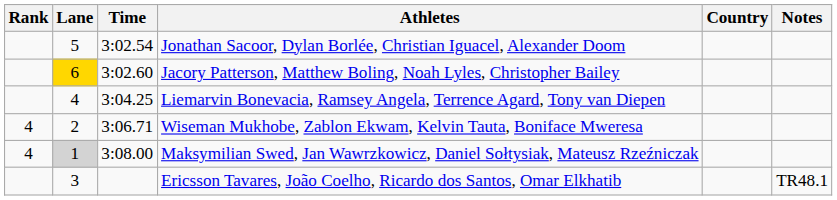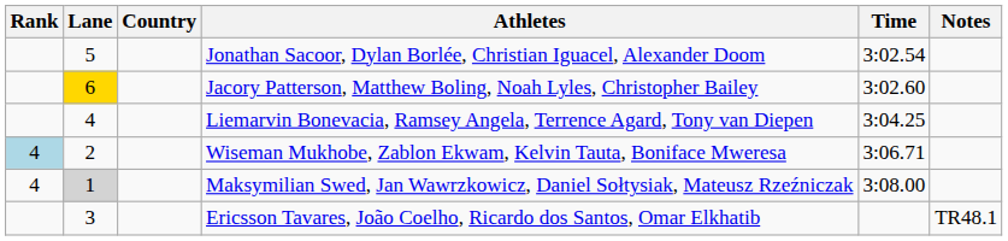 <table class="wikitable sortable" style="text-align:center">
 <tr>
 <th>Rank</th>
 <th>Lane</th>
+<th>Country</th>
+<th>Athletes</th>
 <th>Time</th>
-<th>Athletes</th>
-<th>Country</th>
 <th>Notes</th>
 </tr>
 <tr>
 <td></td>
 <td>5</td>
+<td align=left></td>
+<td align="left"><a href='#'>Jonathan Sacoor</a>, <a href='#'>Dylan Borlée</a>, <a href='#'>Christian Iguacel</a>, <a href='#'>Alexander Doom</a></td>
 <td>3:02.54</td>
-<td align="left"><a href='#'>Jonathan Sacoor</a>, <a href='#'>Dylan Borlée</a>, <a href='#'>Christian Iguacel</a>, <a href='#'>Alexander Doom</a></td>
-<td align=left></td>
 <td></td>
 </tr>
 <tr>
 <td></td>
 <td style="background: gold;">6</td>
+<td align=left></td>
+<td align="left"><a href='#'>Jacory Patterson</a>, <a href='#'>Matthew Boling</a>, <a href='#'>Noah Lyles</a>, <a href='#'>Christopher Bailey</a></td>
 <td>3:02.60</td>
-<td align="left"><a href='#'>Jacory Patterson</a>, <a href='#'>Matthew Boling</a>, <a href='#'>Noah Lyles</a>, <a href='#'>Christopher Bailey</a></td>
-<td align=left></td>
 <td></td>
 </tr>
 <tr>
 <td></td>
 <td>4</td>
+<td align="left"></td>
+<td align="left"><a href='#'>Liemarvin Bonevacia</a>, <a href='#'>Ramsey Angela</a>, <a href='#'>Terrence Agard</a>, <a href='#'>Tony van Diepen</a></td>
 <td>3:04.25</td>
-<td align="left"><a href='#'>Liemarvin Bonevacia</a>, <a href='#'>Ramsey Angela</a>, <a href='#'>Terrence Agard</a>, <a href='#'>Tony van Diepen</a></td>
-<td align="left"></td>
 <td></td>
 </tr>
 <tr>
-<td>4</td>
+<td style="background: lightblue;">4</td>
 <td>2</td>
+<td align="left"></td>
+<td align="left"><a href='#'>Wiseman Mukhobe</a>, <a href='#'>Zablon Ekwam</a>, <a href='#'>Kelvin Tauta</a>, <a href='#'>Boniface Mweresa</a></td>
 <td>3:06.71</td>
-<td align="left"><a href='#'>Wiseman Mukhobe</a>, <a href='#'>Zablon Ekwam</a>, <a href='#'>Kelvin Tauta</a>, <a href='#'>Boniface Mweresa</a></td>
-<td align="left"></td>
 <td></td>
 </tr>
 <tr>
 <td>4</td>
 <td style="background: lightgrey;">1</td>
+<td align="left"></td>
+<td align="left"><a href='#'>Maksymilian Swed</a>, <a href='#'>Jan Wawrzkowicz</a>, <a href='#'>Daniel Sołtysiak</a>, <a href='#'>Mateusz Rzeźniczak</a></td>
 <td>3:08.00</td>
-<td align="left"><a href='#'>Maksymilian Swed</a>, <a href='#'>Jan Wawrzkowicz</a>, <a href='#'>Daniel Sołtysiak</a>, <a href='#'>Mateusz Rzeźniczak</a></td>
-<td align="left"></td>
 <td></td>
 </tr>
 <tr>
 <td></td>
 <td>3</td>
+<td align="left"></td>
+<td align="left"><a href='#'>Ericsson Tavares</a>, <a href='#'>João Coelho</a>, <a href='#'>Ricardo dos Santos</a>, <a href='#'>Omar Elkhatib</a></td>
 <td></td>
-<td align="left"><a href='#'>Ericsson Tavares</a>, <a href='#'>João Coelho</a>, <a href='#'>Ricardo dos Santos</a>, <a href='#'>Omar Elkhatib</a></td>
-<td align="left"></td>
 <td>TR48.1</td>
 </tr>
 </table>
